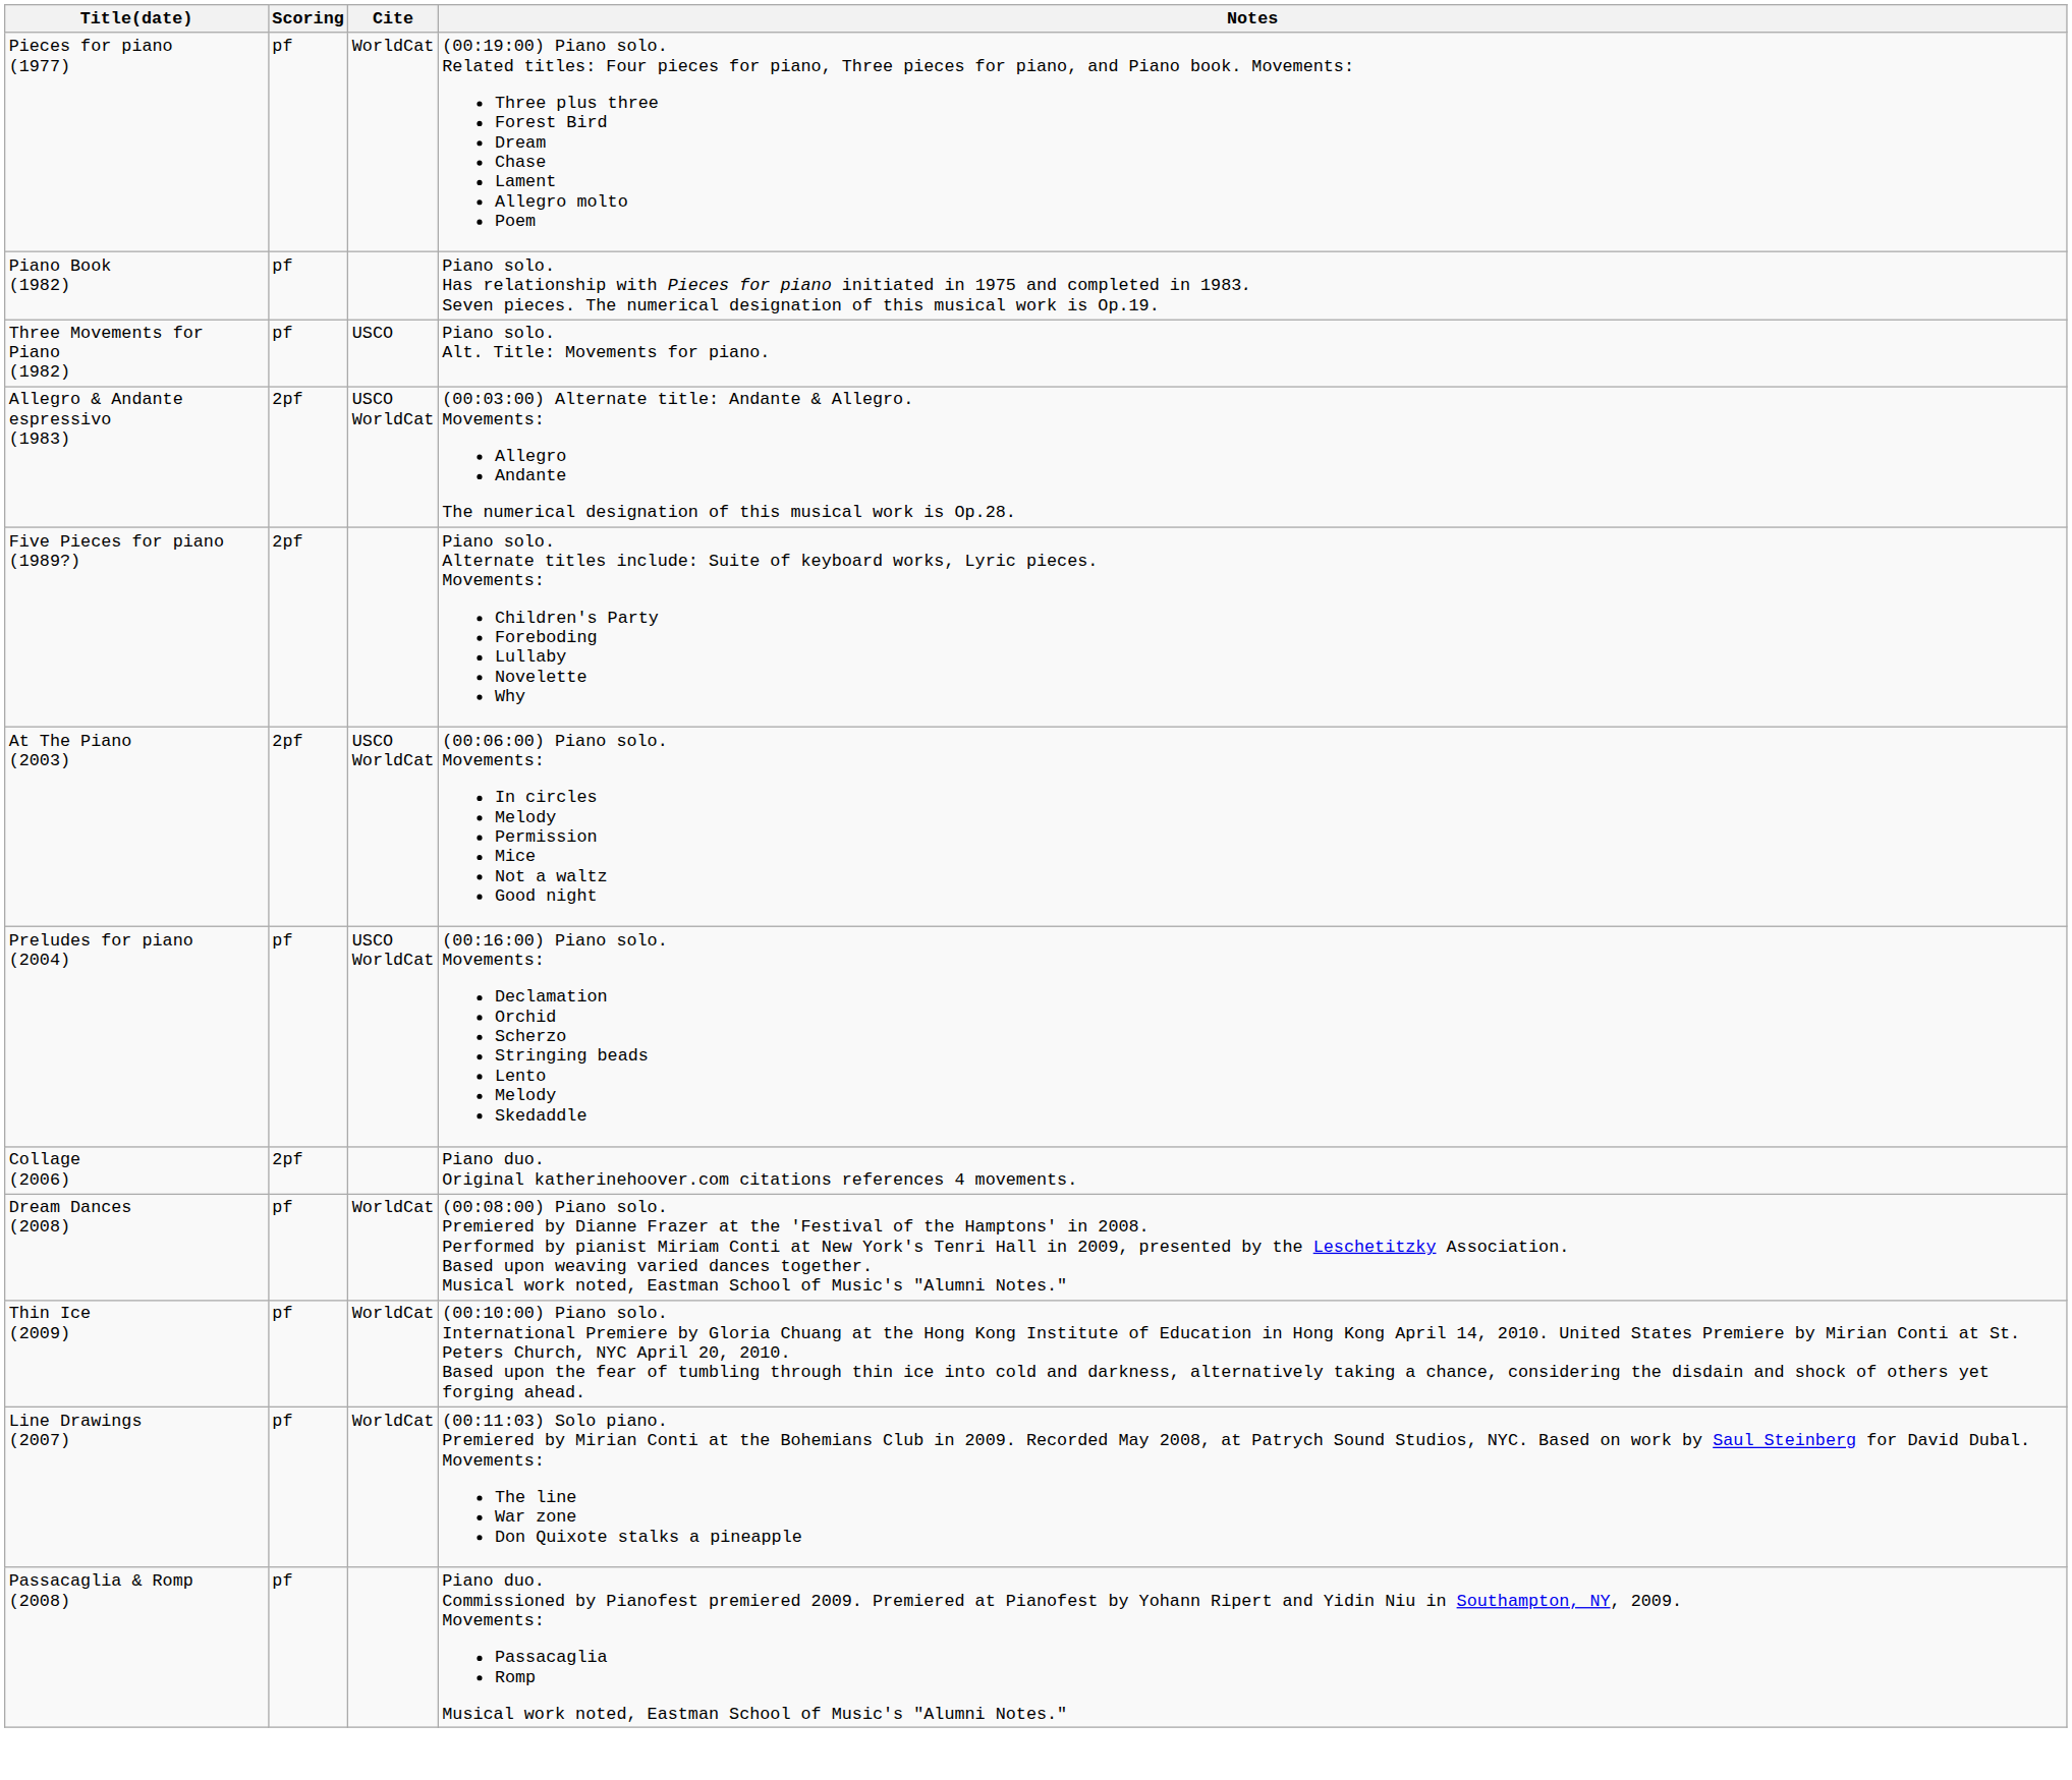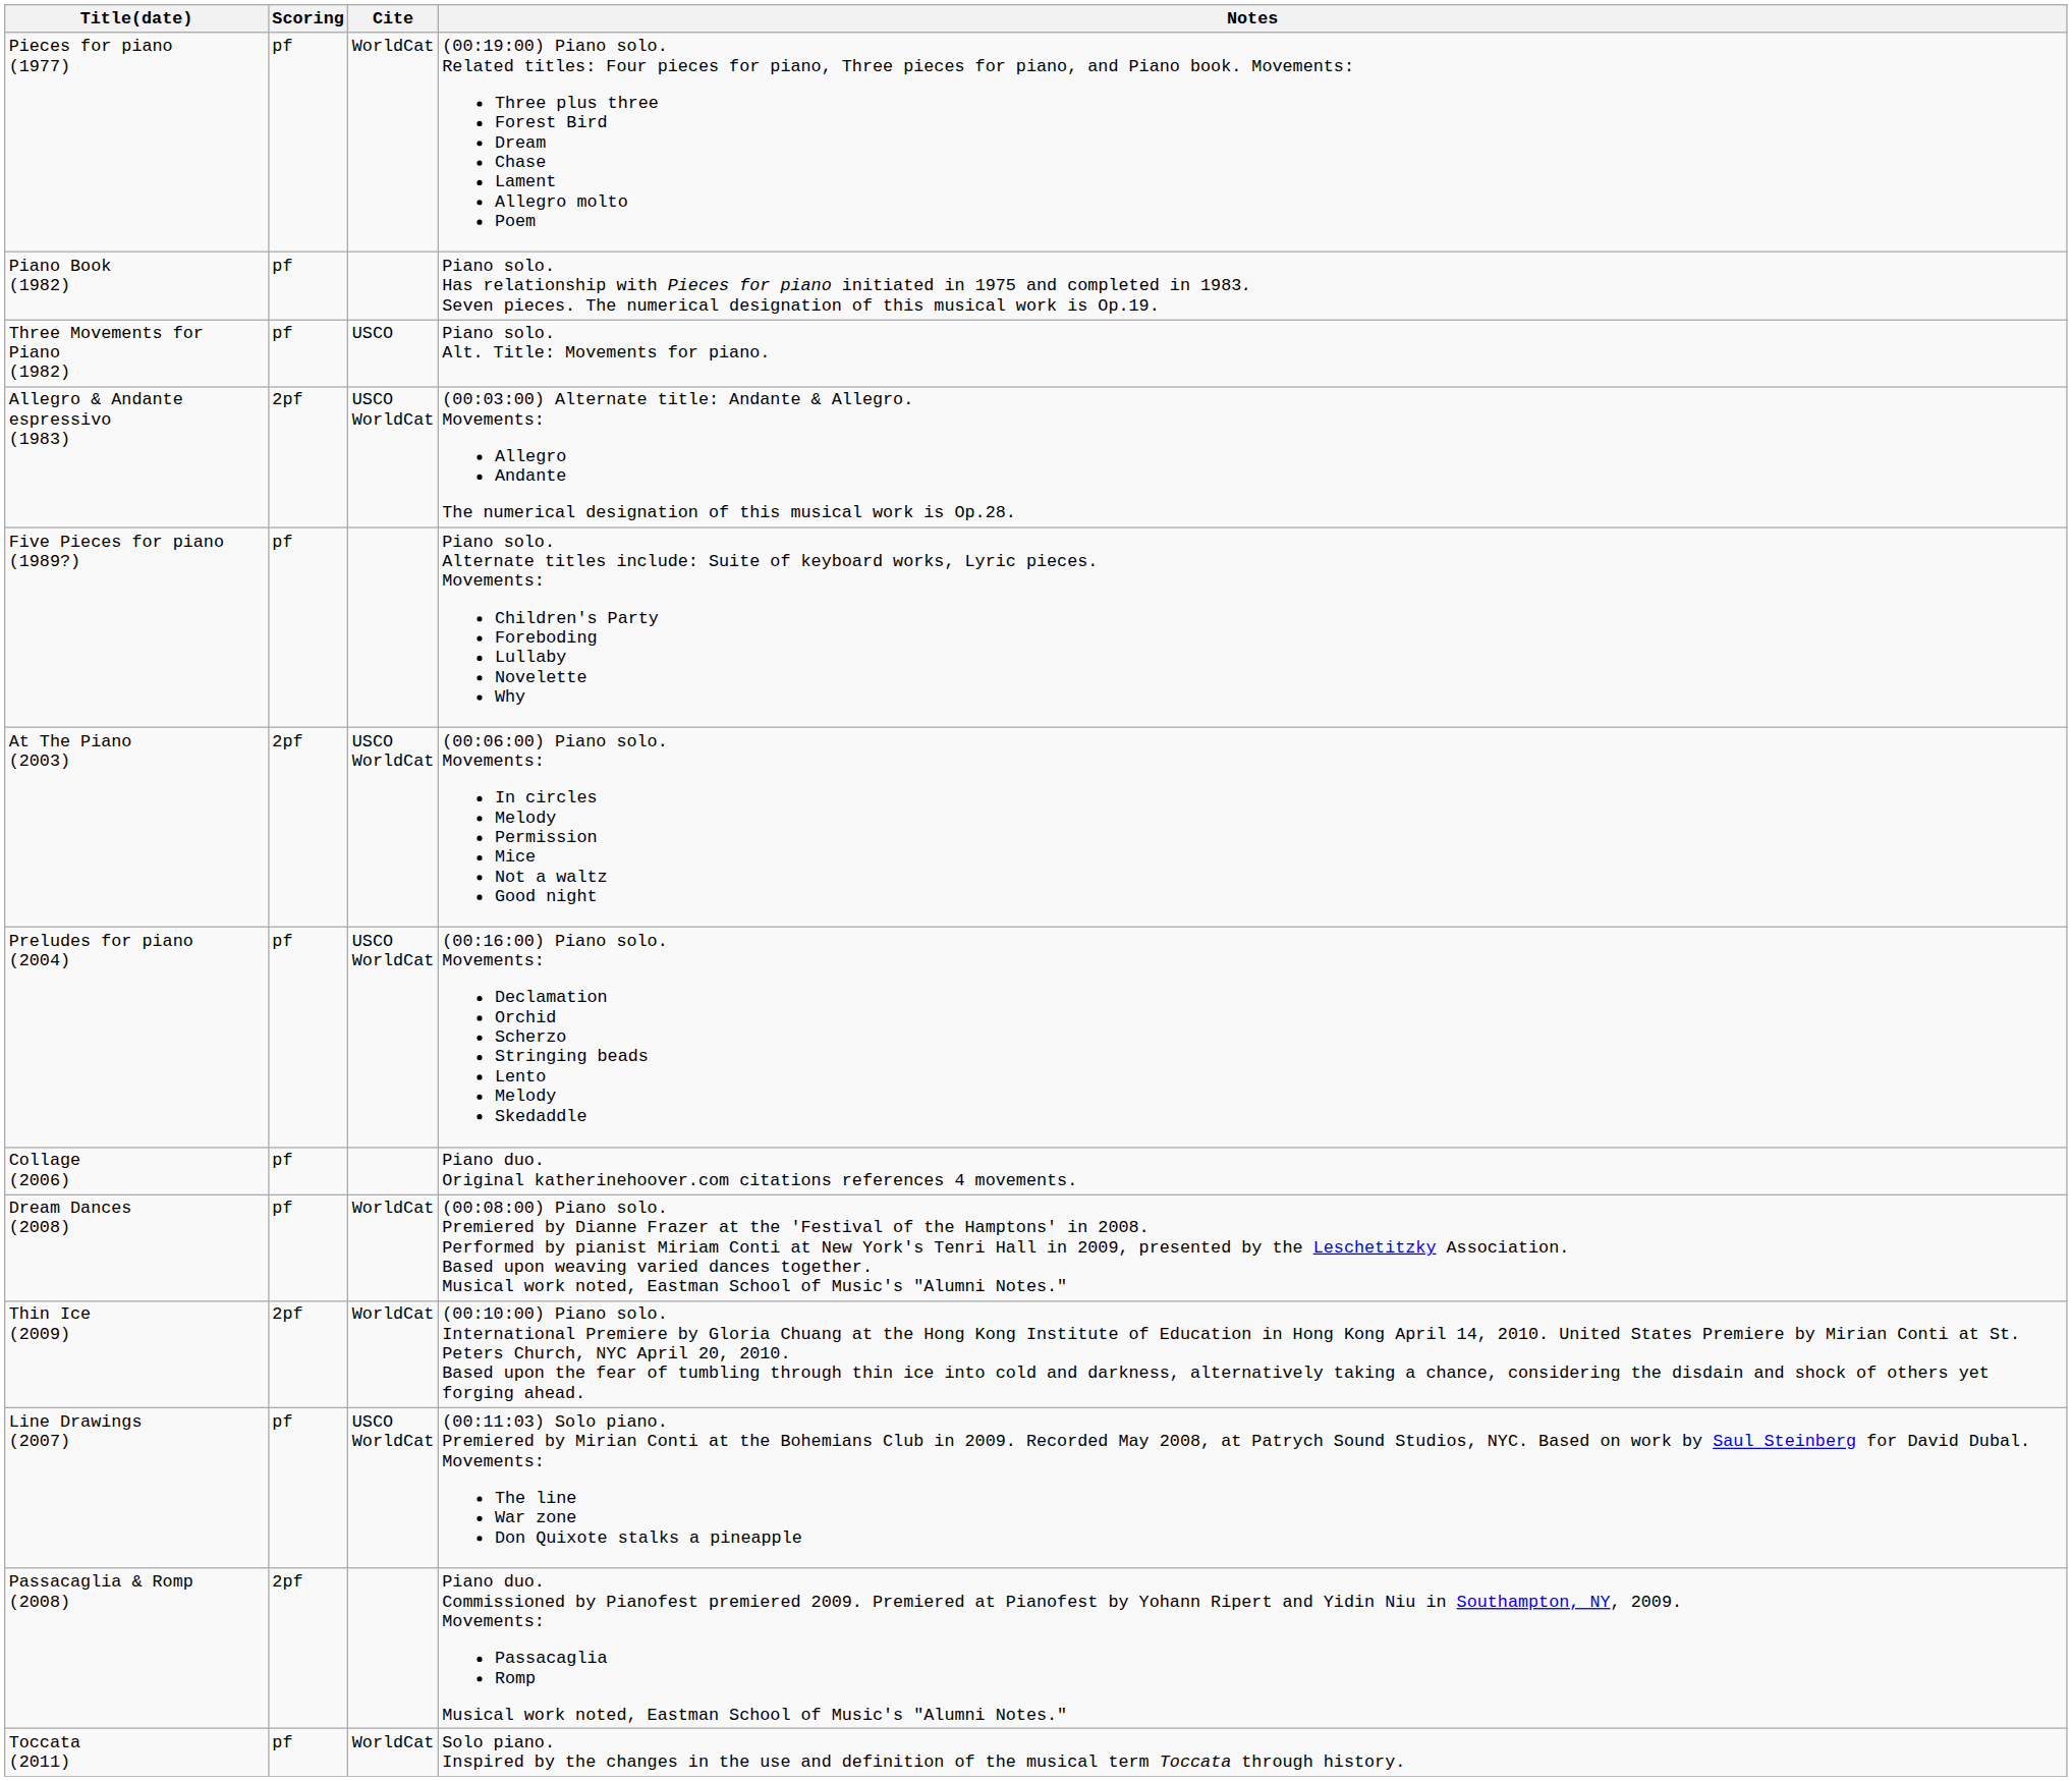 <table class="sortable wikitable" style="margins:auto; width=95%;">
 <tr>
 <th width="">Title(date)</th>
 <th width="">Scoring</th>
 <th width="">Cite</th>
 <th width="">Notes</th>
 </tr>
 <tr valign="top">
 <td>Pieces for piano<br>(1977)</td>
 <td>pf</td>
 <td>WorldCat</td>
 <td>(00:19:00) Piano solo.<br>Related titles: Four pieces for piano, Three pieces for piano, and Piano book. Movements:<ul><li>Three plus three</li><li>Forest Bird</li><li>Dream</li><li>Chase</li><li>Lament</li><li>Allegro molto</li><li>Poem</li></ul></td>
 </tr>
 <tr valign="top">
 <td>Piano Book<br>(1982)</td>
 <td>pf</td>
 <td></td>
 <td>Piano solo.<br>Has relationship with <em>Pieces for piano</em> initiated in 1975 and completed in 1983<em>.</em><br>Seven pieces. The numerical designation of this musical work is Op.19.</td>
 </tr>
 <tr valign="top">
 <td>Three Movements for Piano<br>(1982)</td>
 <td>pf</td>
 <td>USCO</td>
 <td>Piano solo.<br>Alt. Title: Movements for piano.</td>
 </tr>
 <tr valign="top">
 <td>Allegro & Andante espressivo<br>(1983)</td>
 <td>2pf</td>
 <td>USCO<br>WorldCat</td>
 <td>(00:03:00) Alternate title: Andante & Allegro.<br>Movements:<ul><li>Allegro</li><li>Andante</li></ul>The numerical designation of this musical work is Op.28.</td>
 </tr>
 <tr valign="top">
 <td>Five Pieces for piano<br>(1989?)</td>
-<td>2pf</td>
+<td>pf</td>
 <td></td>
 <td>Piano solo.<br>Alternate titles include: Suite of keyboard works, Lyric pieces.<br>Movements:<ul><li>Children's Party</li><li>Foreboding</li><li>Lullaby</li><li>Novelette</li><li>Why</li></ul></td>
 </tr>
 <tr valign="top">
 <td>At The Piano<br>(2003)</td>
 <td>2pf</td>
 <td>USCO<br>WorldCat</td>
 <td>(00:06:00) Piano solo.<br>Movements:<ul><li>In circles</li><li>Melody</li><li>Permission</li><li>Mice</li><li>Not a waltz</li><li>Good night</li></ul></td>
 </tr>
 <tr valign="top">
 <td>Preludes for piano<br>(2004)</td>
 <td>pf</td>
 <td>USCO<br>WorldCat</td>
 <td>(00:16:00) Piano solo.<br>Movements:<ul><li>Declamation</li><li>Orchid</li><li>Scherzo</li><li>Stringing beads</li><li>Lento</li><li>Melody</li><li>Skedaddle</li></ul></td>
 </tr>
 <tr valign="top">
 <td>Collage<br>(2006)</td>
-<td>2pf</td>
+<td>pf</td>
 <td></td>
 <td>Piano duo.<br>Original katherinehoover.com citations references 4 movements.</td>
 </tr>
 <tr valign="top">
 <td>Dream Dances<br>(2008)</td>
 <td>pf</td>
 <td>WorldCat</td>
 <td>(00:08:00) Piano solo.<br>Premiered by Dianne Frazer at the 'Festival of the Hamptons' in 2008.<br>Performed by pianist Miriam Conti at New York's Tenri Hall in 2009, presented by the <a href='#'>Leschetitzky</a> Association.<br>Based upon weaving varied dances together.<br>Musical work noted, Eastman School of Music's "Alumni Notes."</td>
 </tr>
 <tr valign="top">
 <td>Thin Ice<br>(2009)</td>
-<td>pf</td>
+<td>2pf</td>
 <td>WorldCat</td>
 <td>(00:10:00) Piano solo.<br>International Premiere by Gloria Chuang at the Hong Kong Institute of Education in Hong Kong April 14, 2010. United States Premiere by Mirian Conti at St. Peters Church, NYC April 20, 2010.<br>Based upon the fear of tumbling through thin ice into cold and darkness, alternatively taking a chance, considering the disdain and shock of others yet forging ahead.</td>
 </tr>
 <tr valign="top">
 <td>Line Drawings<br>(2007)</td>
 <td>pf</td>
-<td>WorldCat</td>
+<td>USCO<br>WorldCat</td>
 <td>(00:11:03) Solo piano.<br>Premiered by Mirian Conti at the Bohemians Club in 2009. Recorded May 2008, at Patrych Sound Studios, NYC. Based on work by <a href='#'>Saul Steinberg</a> for David Dubal.<br>Movements:<ul><li>The line</li><li>War zone</li><li>Don Quixote stalks a pineapple</li></ul></td>
 </tr>
 <tr valign="top">
 <td>Passacaglia & Romp<br>(2008)</td>
-<td>pf</td>
+<td>2pf</td>
 <td></td>
 <td>Piano duo.<br>Commissioned by Pianofest premiered 2009. Premiered at Pianofest by Yohann Ripert and Yidin Niu in <a href='#'>Southampton, NY</a>, 2009.<br>Movements:<ul><li>Passacaglia</li><li>Romp</li></ul>Musical work noted, Eastman School of Music's "Alumni Notes."</td>
 </tr>
+<tr valign="top">
+<td>Toccata<br>(2011)</td>
+<td>pf</td>
+<td>WorldCat</td>
+<td>Solo piano.<br>Inspired by the changes in the use and definition of the musical term <em>Toccata</em> through history.</td>
+</tr>
 </table>
